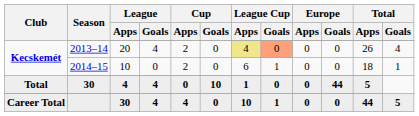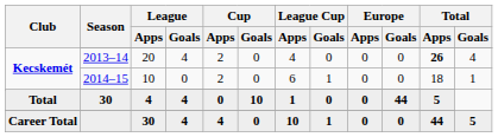 <table class="wikitable" style="font-size:90%; text-align: center;">
 <tr>
 <th rowspan="2">Club</th>
 <th rowspan="2">Season</th>
 <th colspan="2">League</th>
 <th colspan="2">Cup</th>
 <th colspan="2">League Cup</th>
 <th colspan="2">Europe</th>
 <th colspan="2">Total</th>
 </tr>
 <tr>
 <th>Apps</th>
 <th>Goals</th>
 <th>Apps</th>
 <th>Goals</th>
 <th>Apps</th>
 <th>Goals</th>
 <th>Apps</th>
 <th>Goals</th>
 <th>Apps</th>
 <th>Goals</th>
 </tr>
 <tr ||-||-||-|->
 <td rowspan="4" valign="center"><strong><a href='#'>Kecskemét</a></strong></td>
 </tr>
 <tr>
 <td><a href='#'>2013–14</a></td>
 <td>20</td>
 <td>4</td>
 <td>2</td>
 <td>0</td>
-<td style="background: khaki;">4</td>
-<td style="background: lightsalmon;">0</td>
+<td>4</td>
 <td>0</td>
 <td>0</td>
-<td>26</td>
+<td>0</td>
+<td><strong>26</strong></td>
 <td>4</td>
 </tr>
 <tr>
 <td><a href='#'>2014–15</a></td>
 <td>10</td>
 <td>0</td>
 <td>2</td>
 <td>0</td>
 <td>6</td>
 <td>1</td>
 <td>0</td>
 <td>0</td>
 <td>18</td>
 <td>1</td>
 </tr>
 <tr>
 </tr>
 <tr style="font-weight:bold; background-color:#eeeeee;">
 <td>Total</td>
 <td>30</td>
 <td>4</td>
 <td>4</td>
 <td>0</td>
 <td>10</td>
 <td>1</td>
 <td>0</td>
 <td>0</td>
 <td>44</td>
 <td>5</td>
 </tr>
 <tr>
 </tr>
 <tr style="font-weight:bold; background-color:#eeeeee;">
 <td rowspan="2" valign="top"><strong>Career Total</strong></td>
 <td></td>
 <td><strong>30</strong></td>
 <td><strong>4</strong></td>
 <td><strong>4</strong></td>
 <td><strong>0</strong></td>
 <td><strong>10</strong></td>
 <td><strong>1</strong></td>
 <td><strong>0</strong></td>
 <td><strong>0</strong></td>
 <td><strong>44</strong></td>
 <td><strong>5</strong></td>
 </tr>
 </table>
